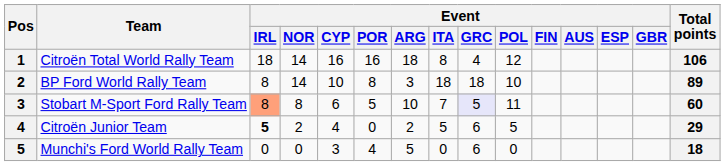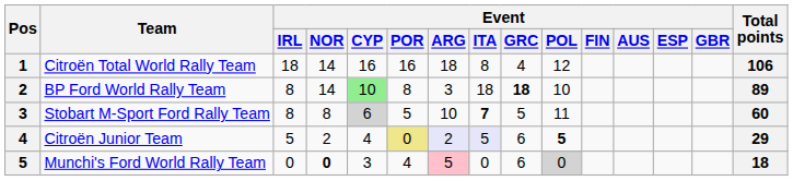 <table class="wikitable" style="text-align:center; font-size:85%;">
 <tr>
 <th rowspan=2>Pos</th>
 <th rowspan=2>Team</th>
 <th colspan=12>Event</th>
 <th rowspan=2>Total<br>points</th>
 </tr>
 <tr valign="top">
 <th><a href='#'>IRL</a><br></th>
 <th><a href='#'>NOR</a><br></th>
 <th><a href='#'>CYP</a><br></th>
 <th><a href='#'>POR</a><br></th>
 <th><a href='#'>ARG</a><br></th>
 <th><a href='#'>ITA</a><br></th>
 <th><a href='#'>GRC</a><br></th>
 <th><a href='#'>POL</a><br></th>
 <th><a href='#'>FIN</a><br></th>
 <th><a href='#'>AUS</a><br></th>
 <th><a href='#'>ESP</a><br></th>
 <th><a href='#'>GBR</a><br></th>
 </tr>
 <tr>
 <th>1</th>
 <td align="left"> <a href='#'>Citroën Total World Rally Team</a></td>
 <td>18</td>
 <td>14</td>
 <td>16</td>
 <td>16</td>
 <td>18</td>
 <td>8</td>
 <td>4</td>
 <td>12</td>
 <td></td>
 <td></td>
 <td></td>
 <td></td>
 <th>106</th>
 </tr>
 <tr>
 <th>2</th>
 <td align="left"> <a href='#'>BP Ford World Rally Team</a></td>
 <td>8</td>
 <td>14</td>
-<td>10</td>
+<td style="background: lightgreen;">10</td>
 <td>8</td>
 <td>3</td>
 <td>18</td>
-<td>18</td>
+<td><strong>18</strong></td>
 <td>10</td>
 <td></td>
 <td></td>
 <td></td>
 <td></td>
 <th>89</th>
 </tr>
 <tr>
 <th>3</th>
 <td align="left"> <a href='#'>Stobart M-Sport Ford Rally Team</a></td>
-<td style="background: lightsalmon;">8</td>
 <td>8</td>
-<td>6</td>
+<td>8</td>
+<td style="background: lightgrey;">6</td>
 <td>5</td>
 <td>10</td>
-<td>7</td>
-<td style="background: lavender;">5</td>
+<td><strong>7</strong></td>
+<td>5</td>
 <td>11</td>
 <td></td>
 <td></td>
 <td></td>
 <td></td>
 <th>60</th>
 </tr>
 <tr>
 <th>4</th>
 <td align="left"> <a href='#'>Citroën Junior Team</a></td>
-<td><strong>5</strong></td>
+<td>5</td>
 <td>2</td>
 <td>4</td>
-<td>0</td>
-<td>2</td>
-<td>5</td>
+<td style="background: khaki;">0</td>
+<td style="background: lavender;">2</td>
+<td style="background: lavender;">5</td>
 <td>6</td>
-<td>5</td>
+<td><strong>5</strong></td>
 <td></td>
 <td></td>
 <td></td>
 <td></td>
 <th>29</th>
 </tr>
 <tr>
 <th>5</th>
 <td align="left"> <a href='#'>Munchi's Ford World Rally Team</a></td>
 <td>0</td>
-<td>0</td>
+<td><strong>0</strong></td>
 <td>3</td>
 <td>4</td>
-<td>5</td>
+<td style="background: pink;">5</td>
 <td>0</td>
 <td>6</td>
-<td>0</td>
+<td style="background: lightgrey;">0</td>
 <td></td>
 <td></td>
 <td></td>
 <td></td>
 <th>18</th>
 </tr>
 </table>
